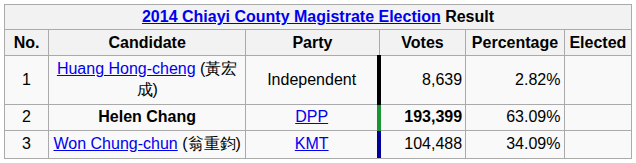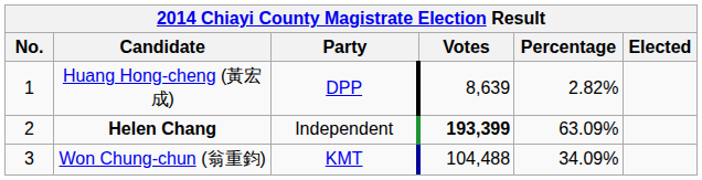 <table class="wikitable" style="margin:1em auto; text-align:center">
 <tr>
 <th colspan="7" width=620px><a href='#'>2014 Chiayi County Magistrate Election</a> Result</th>
 </tr>
 <tr>
 <th width=35>No.</th>
 <th width=180>Candidate</th>
 <th width=120>Party</th>
 <th width=75>Votes</th>
 <th width=75>Percentage</th>
 <th width=49>Elected</th>
 </tr>
 <tr>
 <td>1</td>
 <td><a href='#'>Huang Hong-cheng</a> (黃宏成)</td>
-<td>Independent</td>
+<td><a href='#'>DPP</a></td>
 <td style="border-left:4px solid #000000;" align="right">8,639</td>
 <td align="right">2.82%</td>
 <td align="center"></td>
 </tr>
 <tr>
 <td>2</td>
 <td><strong>Helen Chang</strong></td>
-<td><a href='#'>DPP</a></td>
+<td>Independent</td>
 <td style="border-left:4px solid #1B9431;" align="right"><strong>193,399</strong></td>
 <td align="right">63.09%</td>
 <td align="center"></td>
 </tr>
 <tr>
 <td>3</td>
 <td><a href='#'>Won Chung-chun</a> (翁重鈞)</td>
 <td><a href='#'>KMT</a></td>
 <td style="border-left:4px solid #000099;" align="right">104,488</td>
 <td align="right">34.09%</td>
 <td align="center"></td>
 </tr>
 <tr bgcolor=EEEEEE>
 </tr>
 </table>
